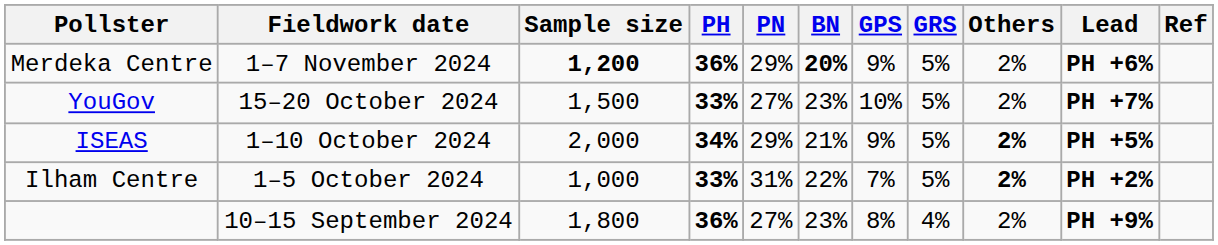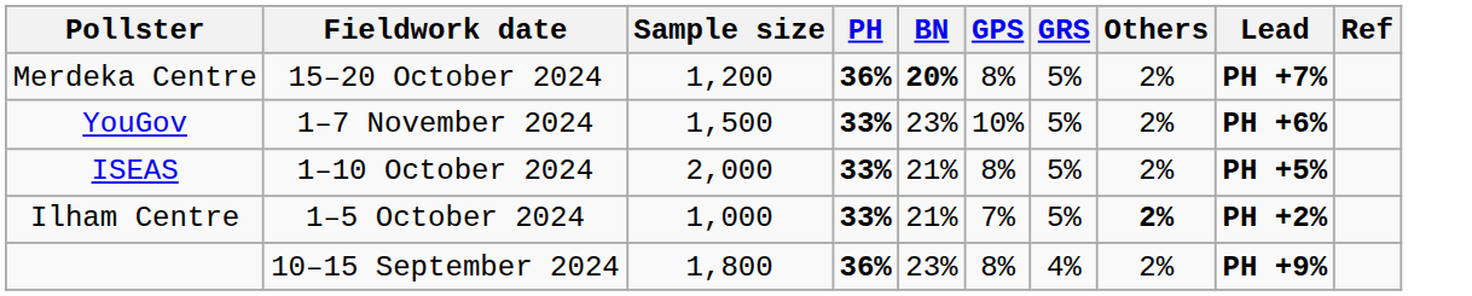 <table class="wikitable" style=text-align:center>
 <tr>
 <th>Pollster</th>
 <th>Fieldwork date</th>
 <th>Sample size</th>
 <th><a href='#'>PH</a></th>
-<th><a href='#'>PN</a></th>
 <th><a href='#'>BN</a></th>
 <th><a href='#'>GPS</a></th>
 <th><a href='#'>GRS</a></th>
 <th>Others</th>
 <th>Lead</th>
 <th>Ref</th>
 </tr>
 <tr>
 <td>Merdeka Centre</td>
+<td>15–20 October 2024</td>
+<td>1,200</td>
+<td><strong>36%</strong></td>
+<td><strong>20%</strong></td>
+<td>8%</td>
+<td>5%</td>
+<td>2%</td>
+<td><strong>PH +7%</strong></td>
+<td></td>
+</tr>
+<tr>
+<td><a href='#'>YouGov</a></td>
 <td>1–7 November 2024</td>
-<td><strong>1,200</strong></td>
-<td><strong>36%</strong></td>
-<td>29%</td>
-<td><strong>20%</strong></td>
-<td>9%</td>
+<td>1,500</td>
+<td><strong>33%</strong></td>
+<td>23%</td>
+<td>10%</td>
 <td>5%</td>
 <td>2%</td>
 <td><strong>PH +6%</strong></td>
 <td></td>
 </tr>
 <tr>
-<td><a href='#'>YouGov</a></td>
-<td>15–20 October 2024</td>
-<td>1,500</td>
-<td><strong>33%</strong></td>
-<td>27%</td>
-<td>23%</td>
-<td>10%</td>
-<td>5%</td>
-<td>2%</td>
-<td><strong>PH +7%</strong></td>
-<td></td>
-</tr>
-<tr>
 <td><a href='#'>ISEAS</a></td>
 <td>1–10 October 2024</td>
 <td>2,000</td>
-<td><strong>34%</strong></td>
-<td>29%</td>
+<td><strong>33%</strong></td>
 <td>21%</td>
-<td>9%</td>
+<td>8%</td>
 <td>5%</td>
-<td><strong>2%</strong></td>
+<td>2%</td>
 <td><strong>PH +5%</strong></td>
 <td></td>
 </tr>
 <tr>
 <td>Ilham Centre</td>
 <td>1–5 October 2024</td>
 <td>1,000</td>
 <td><strong>33%</strong></td>
-<td>31%</td>
-<td>22%</td>
+<td>21%</td>
 <td>7%</td>
 <td>5%</td>
 <td><strong>2%</strong></td>
 <td><strong>PH +2%</strong></td>
 <td></td>
 </tr>
 <tr>
 <td></td>
 <td>10–15 September 2024</td>
 <td>1,800</td>
 <td><strong>36%</strong></td>
-<td>27%</td>
 <td>23%</td>
 <td>8%</td>
 <td>4%</td>
 <td>2%</td>
 <td><strong>PH +9%</strong></td>
 <td></td>
 </tr>
 </table>
